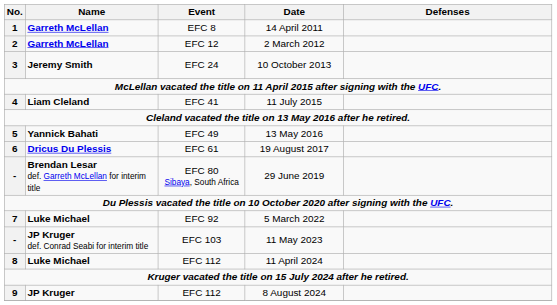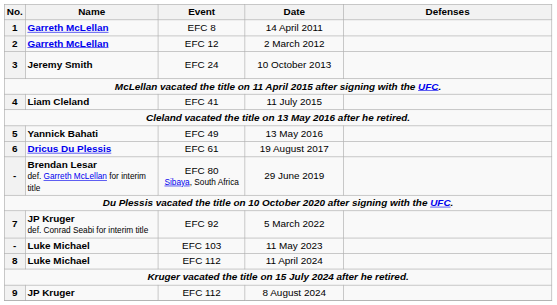 <table class="wikitable" width=100%>
 <tr>
 <th width=1%>No.</th>
 <th width=23%>Name</th>
 <th width=15%>Event</th>
 <th width=17%>Date</th>
 <th width=36%>Defenses</th>
 </tr>
 <tr>
 <th>1</th>
 <td align=left> <strong><a href='#'>Garreth McLellan</a></strong><br></td>
 <td align=center>EFC 8<br></td>
 <td align=center>14 April 2011</td>
 <td></td>
 </tr>
 <tr>
 <th>2</th>
 <td align=left> <strong><a href='#'>Garreth McLellan</a></strong> </td>
 <td align=center>EFC 12<br></td>
 <td align=center>2 March 2012</td>
 <td><br></td>
 </tr>
 <tr>
 <th>3</th>
 <td align=left> <strong>Jeremy Smith</strong></td>
 <td align=center>EFC 24<br></td>
 <td align=center>10 October 2013</td>
 <td><br><br> </td>
 </tr>
 <tr>
 <td align="center" colspan="6"><strong><em>McLellan vacated the title on 11 April 2015 after signing with the <a href='#'>UFC</a>.</em></strong></td>
 </tr>
 <tr>
 <th>4</th>
 <td align=left> <strong>Liam Cleland</strong><br></td>
 <td align=center>EFC 41<br></td>
 <td align=center>11 July 2015</td>
 <td></td>
 </tr>
 <tr>
 <td align="center" colspan="6"><strong><em>Cleland vacated the title on 13 May 2016 after he retired.</em></strong></td>
 </tr>
 <tr>
 <th>5</th>
 <td align=left> <strong>Yannick Bahati</strong><br></td>
 <td align=center>EFC 49<br></td>
 <td align=center>13 May 2016</td>
 <td><br></td>
 </tr>
 <tr>
 <th>6</th>
 <td align=left> <strong><a href='#'>Dricus Du Plessis</a></strong></td>
 <td align=center>EFC 61<br></td>
 <td align=center>19 August 2017</td>
 <td><br></td>
 </tr>
 <tr>
 <th>-</th>
 <td align=left> <strong>Brendan Lesar</strong><br><small>def. <a href='#'>Garreth McLellan</a> for interim title</small></td>
 <td align=center>EFC 80<br><small><a href='#'>Sibaya</a>, South Africa</small></td>
 <td align="center">29 June 2019</td>
 <td></td>
 </tr>
 <tr>
 <td align="center" colspan="6"><strong><em>Du Plessis vacated the title on 10 October 2020 after signing with the <a href='#'>UFC</a>.</em></strong></td>
 </tr>
 <tr>
 <th>7</th>
-<td align=left> <strong>Luke Michael</strong><br></td>
+<td align=left> <strong>JP Kruger</strong> <br><small>def. Conrad Seabi for interim title</small></td>
 <td align=center>EFC 92<br></td>
 <td align=center>5 March 2022</td>
 <td></td>
 </tr>
 <tr>
 <th>-</th>
-<td align=left> <strong>JP Kruger</strong> <br><small>def. Conrad Seabi for interim title</small></td>
+<td align=left> <strong>Luke Michael</strong><br></td>
 <td align=center>EFC 103<br></td>
 <td align=center>11 May 2023</td>
 <td></td>
 </tr>
 <tr>
 <th>8</th>
 <td align=left> <strong>Luke Michael</strong>  <br></td>
 <td align=center>EFC 112<br></td>
 <td align=center>11 April 2024</td>
 <td></td>
 </tr>
 <tr>
 <td align="center" colspan="6"><strong><em>Kruger vacated the title on 15 July 2024 after he retired.</em></strong></td>
 </tr>
 <tr>
 <th>9</th>
 <td align=left> <strong>JP Kruger</strong></td>
 <td align=center>EFC 112<br></td>
 <td align=center>8 August 2024</td>
 <td></td>
 </tr>
 <tr>
 </tr>
 </table>
